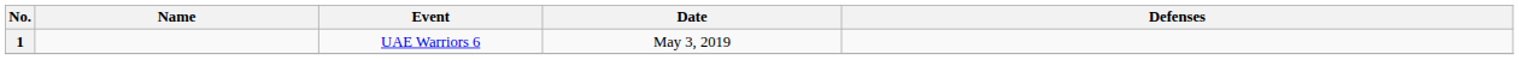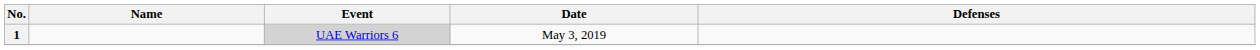 <table class="wikitable" width=100%>
 <tr>
 <th width=1%>No.</th>
 <th width=19%>Name</th>
 <th width=15%>Event</th>
 <th width=20%>Date</th>
 <th width=45%>Defenses</th>
 </tr>
 <tr>
 <th>1</th>
 <td align=left><br></td>
-<td align=center><a href='#'>UAE Warriors 6</a> <br></td>
+<td align=center style="background: lightgrey;"><a href='#'>UAE Warriors 6</a> <br></td>
 <td align=center>May 3, 2019</td>
 <td></td>
 </tr>
 <tr>
 </tr>
 </table>
